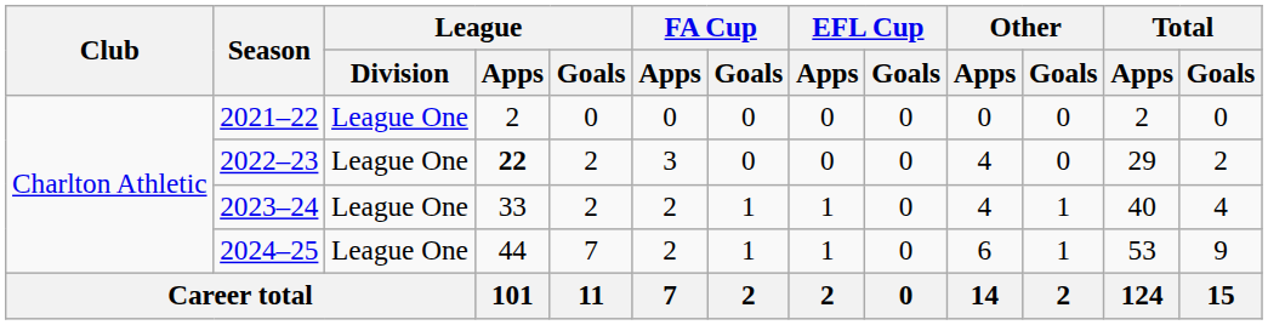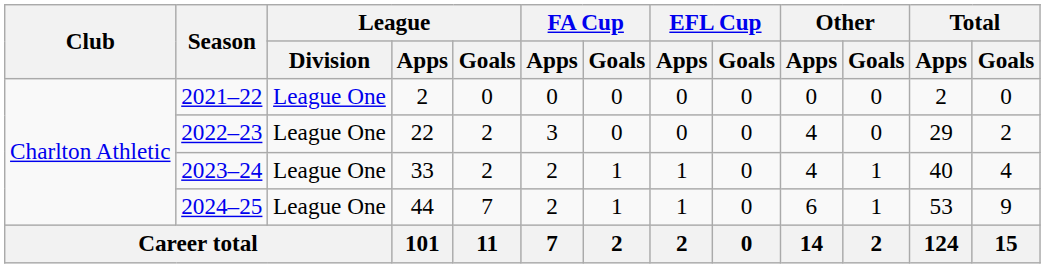 <table class="wikitable" style="text-align: center;">
 <tr>
 <th rowspan="2">Club</th>
 <th rowspan="2">Season</th>
 <th colspan="3">League</th>
 <th colspan="2"><a href='#'>FA Cup</a></th>
 <th colspan="2"><a href='#'>EFL Cup</a></th>
 <th colspan="2">Other</th>
 <th colspan="2">Total</th>
 </tr>
 <tr>
 <th>Division</th>
 <th>Apps</th>
 <th>Goals</th>
 <th>Apps</th>
 <th>Goals</th>
 <th>Apps</th>
 <th>Goals</th>
 <th>Apps</th>
 <th>Goals</th>
 <th>Apps</th>
 <th>Goals</th>
 </tr>
 <tr>
 <td rowspan="4"><a href='#'>Charlton Athletic</a></td>
 <td><a href='#'>2021–22</a></td>
 <td><a href='#'>League One</a></td>
 <td>2</td>
 <td>0</td>
 <td>0</td>
 <td>0</td>
 <td>0</td>
 <td>0</td>
 <td>0</td>
 <td>0</td>
 <td>2</td>
 <td>0</td>
 </tr>
 <tr>
 <td><a href='#'>2022–23</a></td>
 <td>League One</td>
-<td><strong>22</strong></td>
+<td>22</td>
 <td>2</td>
 <td>3</td>
 <td>0</td>
 <td>0</td>
 <td>0</td>
 <td>4</td>
 <td>0</td>
 <td>29</td>
 <td>2</td>
 </tr>
 <tr>
 <td><a href='#'>2023–24</a></td>
 <td>League One</td>
 <td>33</td>
 <td>2</td>
 <td>2</td>
 <td>1</td>
 <td>1</td>
 <td>0</td>
 <td>4</td>
 <td>1</td>
 <td>40</td>
 <td>4</td>
 </tr>
 <tr>
 <td><a href='#'>2024–25</a></td>
 <td>League One</td>
 <td>44</td>
 <td>7</td>
 <td>2</td>
 <td>1</td>
 <td>1</td>
 <td>0</td>
 <td>6</td>
 <td>1</td>
 <td>53</td>
 <td>9</td>
 </tr>
 <tr>
 <th colspan="3">Career total</th>
 <th>101</th>
 <th>11</th>
 <th>7</th>
 <th>2</th>
 <th>2</th>
 <th>0</th>
 <th>14</th>
 <th>2</th>
 <th>124</th>
 <th>15</th>
 </tr>
 </table>
